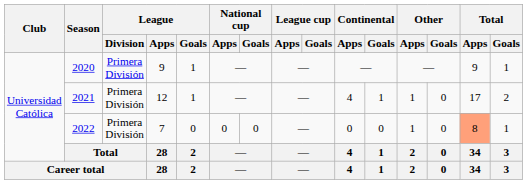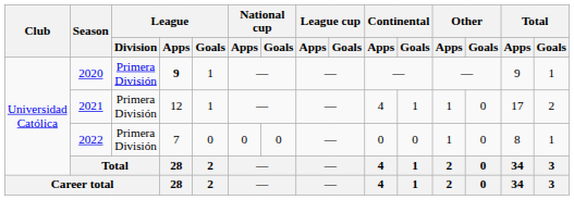 <table class="wikitable" style="text-align:center">
 <tr>
 <th rowspan="2">Club</th>
 <th rowspan="2">Season</th>
 <th colspan="3">League</th>
 <th colspan="2">National cup</th>
 <th colspan="2">League cup</th>
 <th colspan="2">Continental</th>
 <th colspan="2">Other</th>
 <th colspan="2">Total</th>
 </tr>
 <tr>
 <th>Division</th>
 <th>Apps</th>
 <th>Goals</th>
 <th>Apps</th>
 <th>Goals</th>
 <th>Apps</th>
 <th>Goals</th>
 <th>Apps</th>
 <th>Goals</th>
 <th>Apps</th>
 <th>Goals</th>
 <th>Apps</th>
 <th>Goals</th>
 </tr>
 <tr>
 <td rowspan="4"><a href='#'>Universidad Católica</a></td>
 <td><a href='#'>2020</a></td>
 <td><a href='#'>Primera División</a></td>
-<td>9</td>
+<td><strong>9</strong></td>
 <td>1</td>
 <td colspan="2">—</td>
 <td colspan="2">—</td>
 <td colspan="2">—</td>
 <td colspan="2">—</td>
 <td>9</td>
 <td>1</td>
 </tr>
 <tr>
 <td><a href='#'>2021</a></td>
 <td>Primera División</td>
 <td>12</td>
 <td>1</td>
 <td colspan="2">—</td>
 <td colspan="2">—</td>
 <td>4</td>
 <td>1</td>
 <td>1</td>
 <td>0</td>
 <td>17</td>
 <td>2</td>
 </tr>
 <tr>
 <td><a href='#'>2022</a></td>
 <td>Primera División</td>
 <td>7</td>
 <td>0</td>
 <td>0</td>
 <td>0</td>
 <td colspan="2">—</td>
 <td>0</td>
 <td>0</td>
 <td>1</td>
 <td>0</td>
-<td style="background: lightsalmon;">8</td>
+<td>8</td>
 <td>1</td>
 </tr>
 <tr>
 <th colspan="2">Total</th>
 <th>28</th>
 <th>2</th>
 <th colspan="2">—</th>
 <th colspan="2">—</th>
 <th>4</th>
 <th>1</th>
 <th>2</th>
 <th>0</th>
 <th>34</th>
 <th>3</th>
 </tr>
 <tr>
 <th colspan="3">Career total</th>
 <th>28</th>
 <th>2</th>
 <th colspan="2">—</th>
 <th colspan="2">—</th>
 <th>4</th>
 <th>1</th>
 <th>2</th>
 <th>0</th>
 <th>34</th>
 <th>3</th>
 </tr>
 </table>
